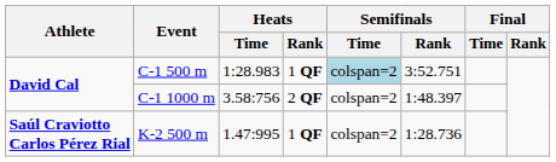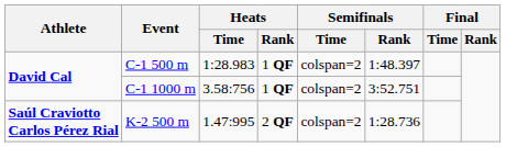 <table class=wikitable style="font-size:90%">
 <tr>
 <th rowspan="2">Athlete</th>
 <th rowspan="2">Event</th>
 <th colspan="2">Heats</th>
 <th colspan="2">Semifinals</th>
 <th colspan="2">Final</th>
 </tr>
 <tr style="font-size:95%">
 <th>Time</th>
 <th>Rank</th>
 <th>Time</th>
 <th>Rank</th>
 <th>Time</th>
 <th>Rank</th>
 </tr>
 <tr align=center>
 <td align=left rowspan=2><strong><a href='#'>David Cal</a></strong></td>
 <td align=left><a href='#'>C-1 500 m</a></td>
 <td>1:28.983</td>
 <td>1 <strong>QF</strong></td>
-<td style="background: lightblue;">colspan=2 </td>
-<td>3:52.751</td>
+<td>colspan=2 </td>
+<td align=center>1:48.397</td>
 <td></td>
 </tr>
 <tr align=center>
 <td align=left><a href='#'>C-1 1000 m</a></td>
 <td>3.58:756</td>
-<td>2 <strong>QF</strong></td>
+<td>1 <strong>QF</strong></td>
 <td>colspan=2 </td>
-<td align=center>1:48.397</td>
+<td>3:52.751</td>
 <td></td>
 </tr>
 <tr align=center>
 <td align=left><strong><a href='#'>Saúl Craviotto</a> <br> <a href='#'>Carlos Pérez Rial</a></strong></td>
 <td align=left><a href='#'>K-2 500 m</a></td>
 <td>1.47:995</td>
-<td>1 <strong>QF</strong></td>
+<td>2 <strong>QF</strong></td>
 <td>colspan=2 </td>
 <td>1:28.736</td>
 <td></td>
 </tr>
 </table>
